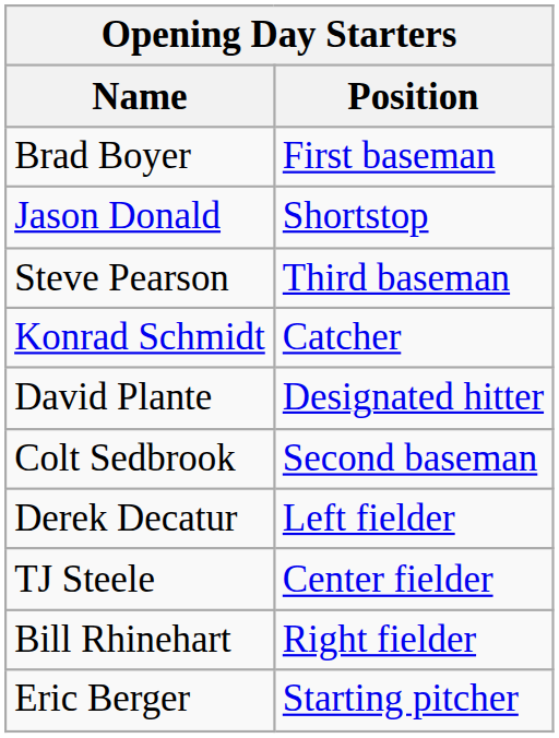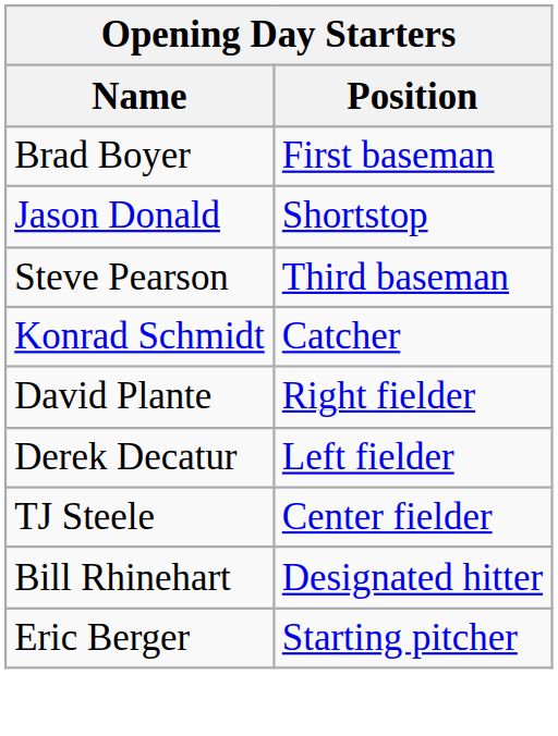 <table class="wikitable">
 <tr>
 <th colspan="2">Opening Day Starters</th>
 </tr>
 <tr>
 <th>Name</th>
 <th>Position</th>
 </tr>
 <tr>
 <td>Brad Boyer</td>
 <td><a href='#'>First baseman</a></td>
 </tr>
 <tr>
 <td><a href='#'>Jason Donald</a></td>
 <td><a href='#'>Shortstop</a></td>
 </tr>
 <tr>
 <td>Steve Pearson</td>
 <td><a href='#'>Third baseman</a></td>
 </tr>
 <tr>
 <td><a href='#'>Konrad Schmidt</a></td>
 <td><a href='#'>Catcher</a></td>
 </tr>
 <tr>
 <td>David Plante</td>
-<td><a href='#'>Designated hitter</a></td>
-</tr>
-<tr>
-<td>Colt Sedbrook</td>
-<td><a href='#'>Second baseman</a></td>
+<td><a href='#'>Right fielder</a></td>
 </tr>
 <tr>
 <td>Derek Decatur</td>
 <td><a href='#'>Left fielder</a></td>
 </tr>
 <tr>
 <td>TJ Steele</td>
 <td><a href='#'>Center fielder</a></td>
 </tr>
 <tr>
 <td>Bill Rhinehart</td>
-<td><a href='#'>Right fielder</a></td>
+<td><a href='#'>Designated hitter</a></td>
 </tr>
 <tr>
 <td>Eric Berger</td>
 <td><a href='#'>Starting pitcher</a></td>
 </tr>
 </table>
